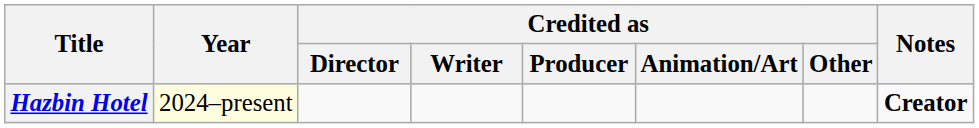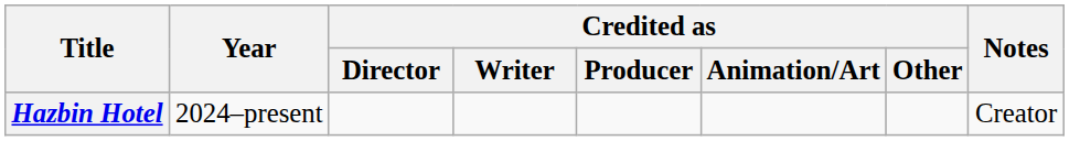 <table class="wikitable plainrowheaders sortable">
 <tr>
 <th rowspan="2">Title</th>
 <th rowspan="2">Year</th>
 <th colspan="5">Credited as</th>
 <th rowspan="2">Notes</th>
 </tr>
 <tr>
 <th width="65">Director</th>
 <th width="65">Writer</th>
 <th width="65">Producer</th>
 <th>Animation/Art</th>
 <th>Other</th>
 </tr>
 <tr>
 <th scope="row"><em><a href='#'>Hazbin Hotel</a></em></th>
-<td style="background: lightyellow;">2024–present</td>
+<td>2024–present</td>
 <td></td>
 <td></td>
 <td></td>
 <td></td>
 <td></td>
-<td><strong>Creator</strong></td>
+<td>Creator</td>
 </tr>
 </table>
